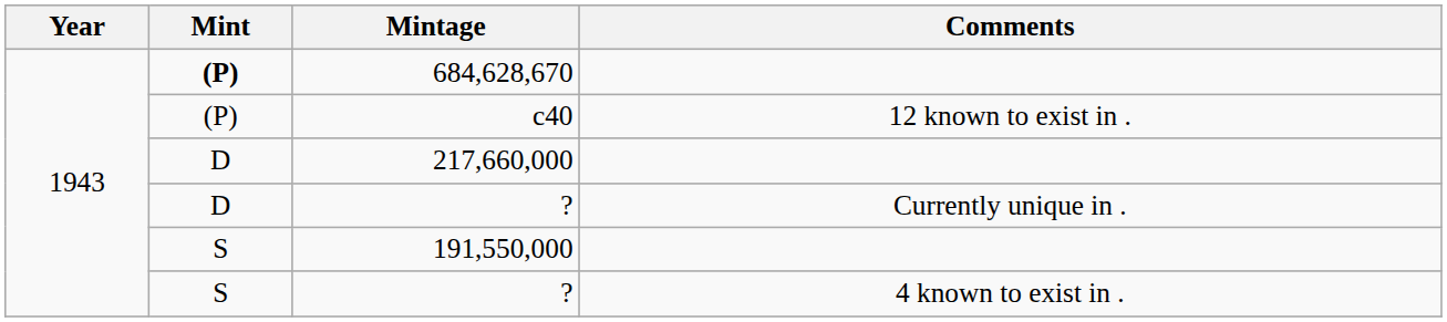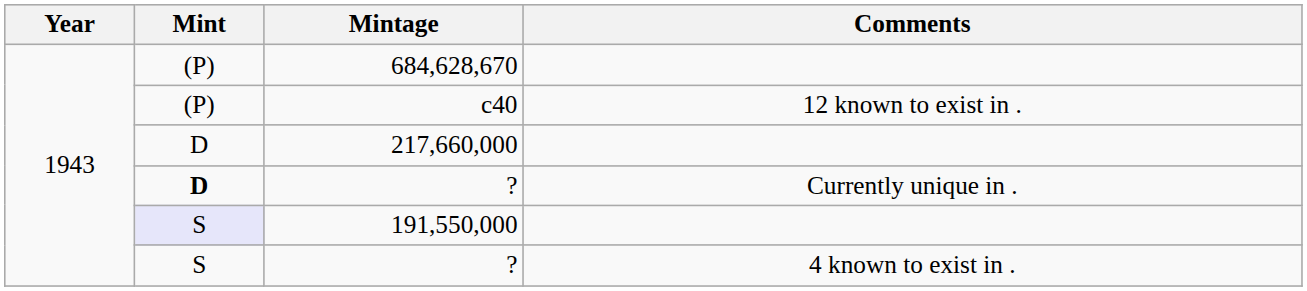 <table class="wikitable sortable" style="min-width:65%; text-align:center;">
 <tr>
 <th width="10%">Year</th>
 <th width="10%">Mint</th>
 <th width="20%">Mintage</th>
 <th width="60%">Comments</th>
 </tr>
 <tr>
 <td rowspan="6">1943</td>
-<td><strong>(P)</strong></td>
+<td>(P)</td>
 <td align="right">684,628,670</td>
 <td></td>
 </tr>
 <tr>
 <td>(P)</td>
 <td align="right">c40</td>
 <td>12 known to exist in .</td>
 </tr>
 <tr>
 <td>D</td>
 <td align="right">217,660,000</td>
 <td></td>
 </tr>
 <tr>
-<td>D</td>
+<td><strong>D</strong></td>
 <td align="right">?</td>
 <td>Currently unique in .</td>
 </tr>
 <tr>
-<td>S</td>
+<td style="background: lavender;">S</td>
 <td align="right">191,550,000</td>
 <td></td>
 </tr>
 <tr>
 <td>S</td>
 <td align="right">?</td>
 <td>4 known to exist in .</td>
 </tr>
 </table>
